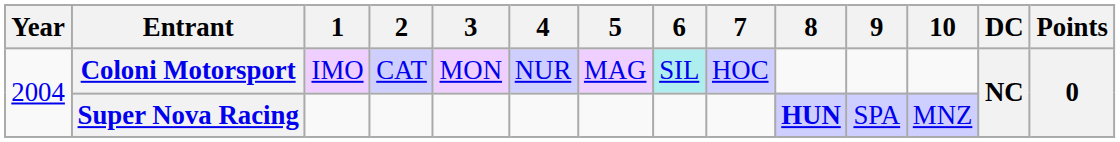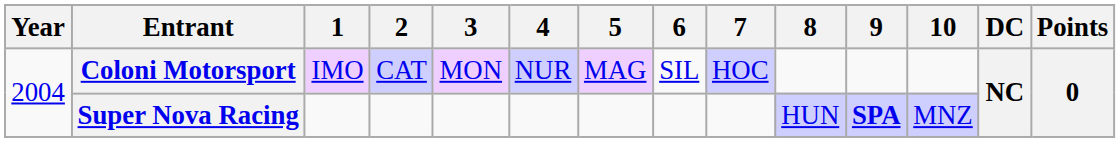 <table class="wikitable" style="text-align:center; font-size:85%">
 <tr>
 <th>Year</th>
 <th>Entrant</th>
 <th>1</th>
 <th>2</th>
 <th>3</th>
 <th>4</th>
 <th>5</th>
 <th>6</th>
 <th>7</th>
 <th>8</th>
 <th>9</th>
 <th>10</th>
 <th>DC</th>
 <th>Points</th>
 </tr>
 <tr>
 <td rowspan="2"><a href='#'>2004</a></td>
 <th nowrap><a href='#'>Coloni Motorsport</a></th>
 <td style="background:#EFCFFF;"><a href='#'>IMO</a><br></td>
 <td style="background:#CFCFFF;"><a href='#'>CAT</a><br></td>
 <td style="background:#EFCFFF;"><a href='#'>MON</a><br></td>
 <td style="background:#CFCFFF;"><a href='#'>NUR</a><br></td>
 <td style="background:#EFCFFF;"><a href='#'>MAG</a><br></td>
-<td style="background: paleturquoise;"><a href='#'>SIL</a></td>
+<td><a href='#'>SIL</a></td>
 <td style="background:#CFCFFF;"><a href='#'>HOC</a><br></td>
 <td></td>
 <td></td>
 <td></td>
 <th rowspan="2">NC</th>
 <th rowspan="2">0</th>
 </tr>
 <tr>
 <th nowrap><a href='#'>Super Nova Racing</a></th>
 <td></td>
 <td></td>
 <td></td>
 <td></td>
 <td></td>
 <td></td>
 <td></td>
-<td style="background:#CFCFFF;"><strong><a href='#'>HUN</a><br></strong></td>
-<td style="background:#CFCFFF;"><a href='#'>SPA</a><br></td>
+<td style="background:#CFCFFF;"><a href='#'>HUN</a><br></td>
+<td style="background:#CFCFFF;"><strong><a href='#'>SPA</a><br></strong></td>
 <td style="background:#CFCFFF;"><a href='#'>MNZ</a><br></td>
 </tr>
 </table>
